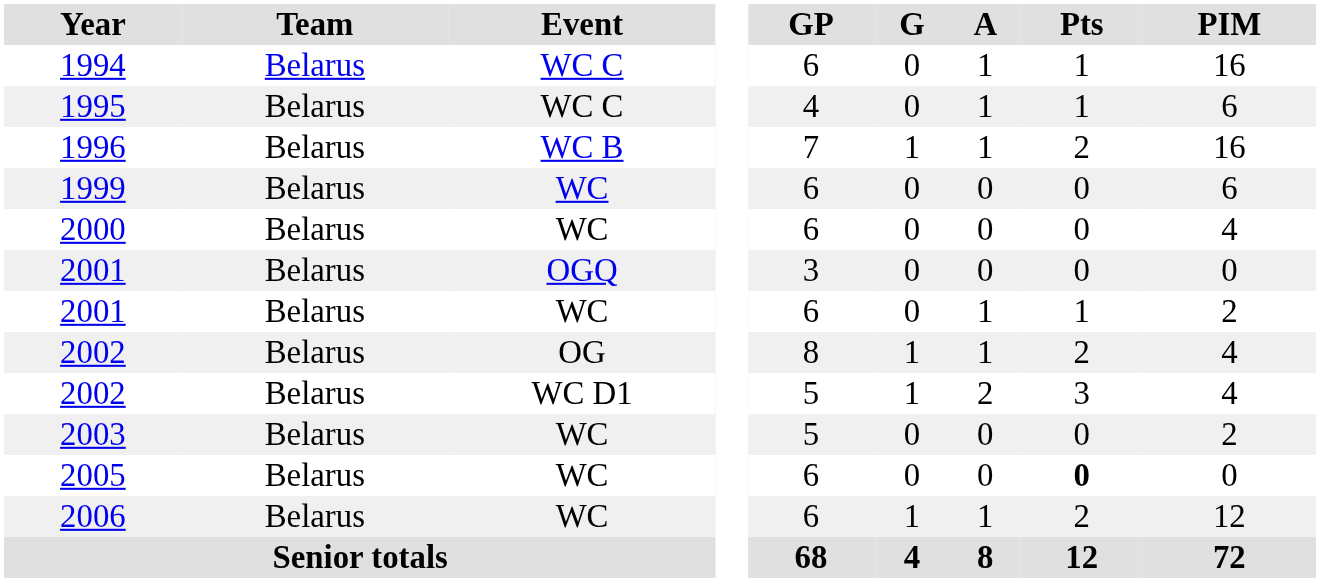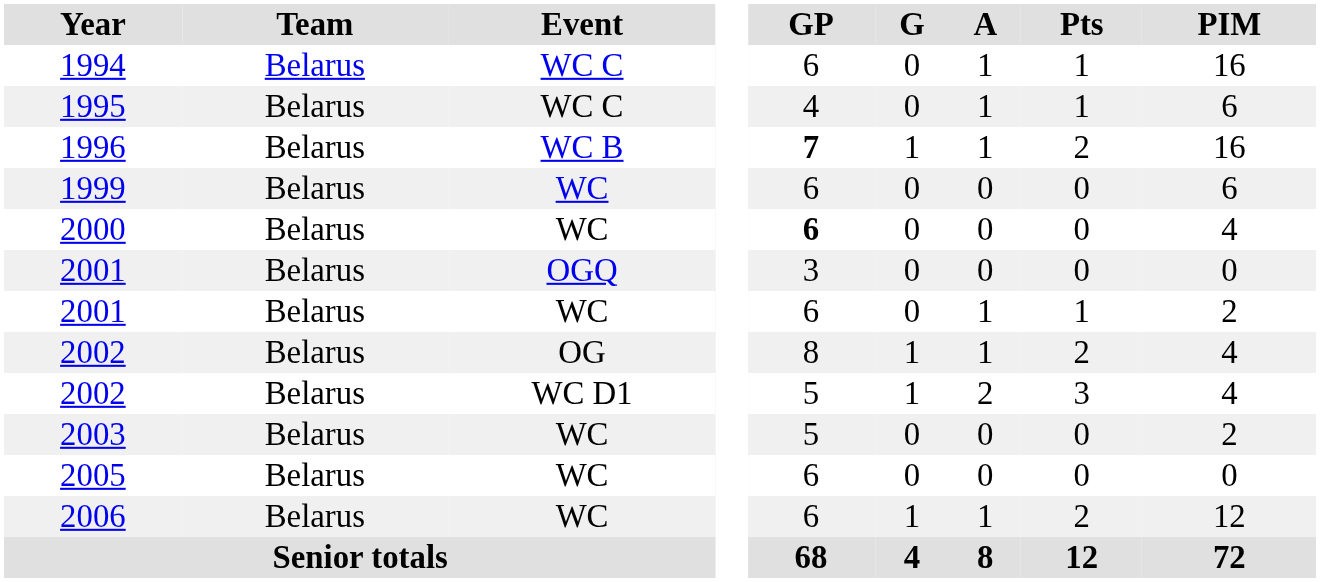 <table border="0" cellpadding="1" cellspacing="0" style="text-align:center; width:40em">
 <tr ALIGN="center" bgcolor="#e0e0e0">
 <th>Year</th>
 <th>Team</th>
 <th>Event</th>
 <th ALIGN="center" rowspan="99" bgcolor="#ffffff"> </th>
 <th>GP</th>
 <th>G</th>
 <th>A</th>
 <th>Pts</th>
 <th>PIM</th>
 </tr>
 <tr>
 <td><a href='#'>1994</a></td>
 <td><a href='#'>Belarus</a></td>
 <td><a href='#'>WC C</a></td>
 <td>6</td>
 <td>0</td>
 <td>1</td>
 <td>1</td>
 <td>16</td>
 </tr>
 <tr bgcolor="#f0f0f0">
 <td><a href='#'>1995</a></td>
 <td>Belarus</td>
 <td>WC C</td>
 <td>4</td>
 <td>0</td>
 <td>1</td>
 <td>1</td>
 <td>6</td>
 </tr>
 <tr>
 <td><a href='#'>1996</a></td>
 <td>Belarus</td>
 <td><a href='#'>WC B</a></td>
-<td>7</td>
+<td><strong>7</strong></td>
 <td>1</td>
 <td>1</td>
 <td>2</td>
 <td>16</td>
 </tr>
 <tr bgcolor="#f0f0f0">
 <td><a href='#'>1999</a></td>
 <td>Belarus</td>
 <td><a href='#'>WC</a></td>
 <td>6</td>
 <td>0</td>
 <td>0</td>
 <td>0</td>
 <td>6</td>
 </tr>
 <tr>
 <td><a href='#'>2000</a></td>
 <td>Belarus</td>
 <td>WC</td>
-<td>6</td>
+<td><strong>6</strong></td>
 <td>0</td>
 <td>0</td>
 <td>0</td>
 <td>4</td>
 </tr>
 <tr bgcolor="#f0f0f0">
 <td><a href='#'>2001</a></td>
 <td>Belarus</td>
 <td><a href='#'>OGQ</a></td>
 <td>3</td>
 <td>0</td>
 <td>0</td>
 <td>0</td>
 <td>0</td>
 </tr>
 <tr>
 <td><a href='#'>2001</a></td>
 <td>Belarus</td>
 <td>WC</td>
 <td>6</td>
 <td>0</td>
 <td>1</td>
 <td>1</td>
 <td>2</td>
 </tr>
 <tr bgcolor="#f0f0f0">
 <td><a href='#'>2002</a></td>
 <td>Belarus</td>
 <td>OG</td>
 <td>8</td>
 <td>1</td>
 <td>1</td>
 <td>2</td>
 <td>4</td>
 </tr>
 <tr>
 <td><a href='#'>2002</a></td>
 <td>Belarus</td>
 <td>WC D1</td>
 <td>5</td>
 <td>1</td>
 <td>2</td>
 <td>3</td>
 <td>4</td>
 </tr>
 <tr bgcolor="#f0f0f0">
 <td><a href='#'>2003</a></td>
 <td>Belarus</td>
 <td>WC</td>
 <td>5</td>
 <td>0</td>
 <td>0</td>
 <td>0</td>
 <td>2</td>
 </tr>
 <tr>
 <td><a href='#'>2005</a></td>
 <td>Belarus</td>
 <td>WC</td>
 <td>6</td>
 <td>0</td>
 <td>0</td>
-<td><strong>0</strong></td>
+<td>0</td>
 <td>0</td>
 </tr>
 <tr bgcolor="#f0f0f0">
 <td><a href='#'>2006</a></td>
 <td>Belarus</td>
 <td>WC</td>
 <td>6</td>
 <td>1</td>
 <td>1</td>
 <td>2</td>
 <td>12</td>
 </tr>
 <tr bgcolor="#e0e0e0">
 <th colspan="3">Senior totals</th>
 <th>68</th>
 <th>4</th>
 <th>8</th>
 <th>12</th>
 <th>72</th>
 </tr>
 </table>
